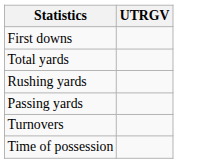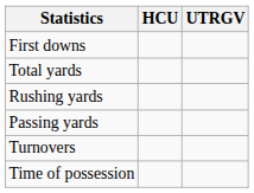 <table class="wikitable" style="float:left">
 <tr>
 <th>Statistics</th>
+<th>HCU</th>
 <th>UTRGV</th>
 </tr>
 <tr>
 <td>First downs</td>
 <td></td>
+<td></td>
 </tr>
 <tr>
 <td>Total yards</td>
+<td></td>
 <td></td>
 </tr>
 <tr>
 <td>Rushing yards</td>
 <td></td>
+<td></td>
 </tr>
 <tr>
 <td>Passing yards</td>
+<td></td>
 <td></td>
 </tr>
 <tr>
 <td>Turnovers</td>
 <td></td>
+<td></td>
 </tr>
 <tr>
 <td>Time of possession</td>
 <td></td>
+<td></td>
 </tr>
 </table>
